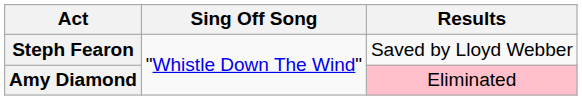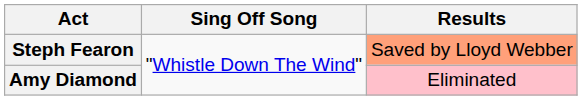 <table class="wikitable plainrowheaders" style="text-align:center;">
 <tr>
 <th scope="col">Act</th>
 <th scope="col">Sing Off Song</th>
 <th scope="col">Results</th>
 </tr>
 <tr>
 <th scope="row">Steph Fearon</th>
 <td rowspan="2">"<a href='#'>Whistle Down The Wind</a>"</td>
-<td>Saved by Lloyd Webber</td>
+<td style="background: lightsalmon;">Saved by Lloyd Webber</td>
 </tr>
 <tr>
 <th scope="row">Amy Diamond</th>
 <td style="background:pink;">Eliminated</td>
 </tr>
 </table>
